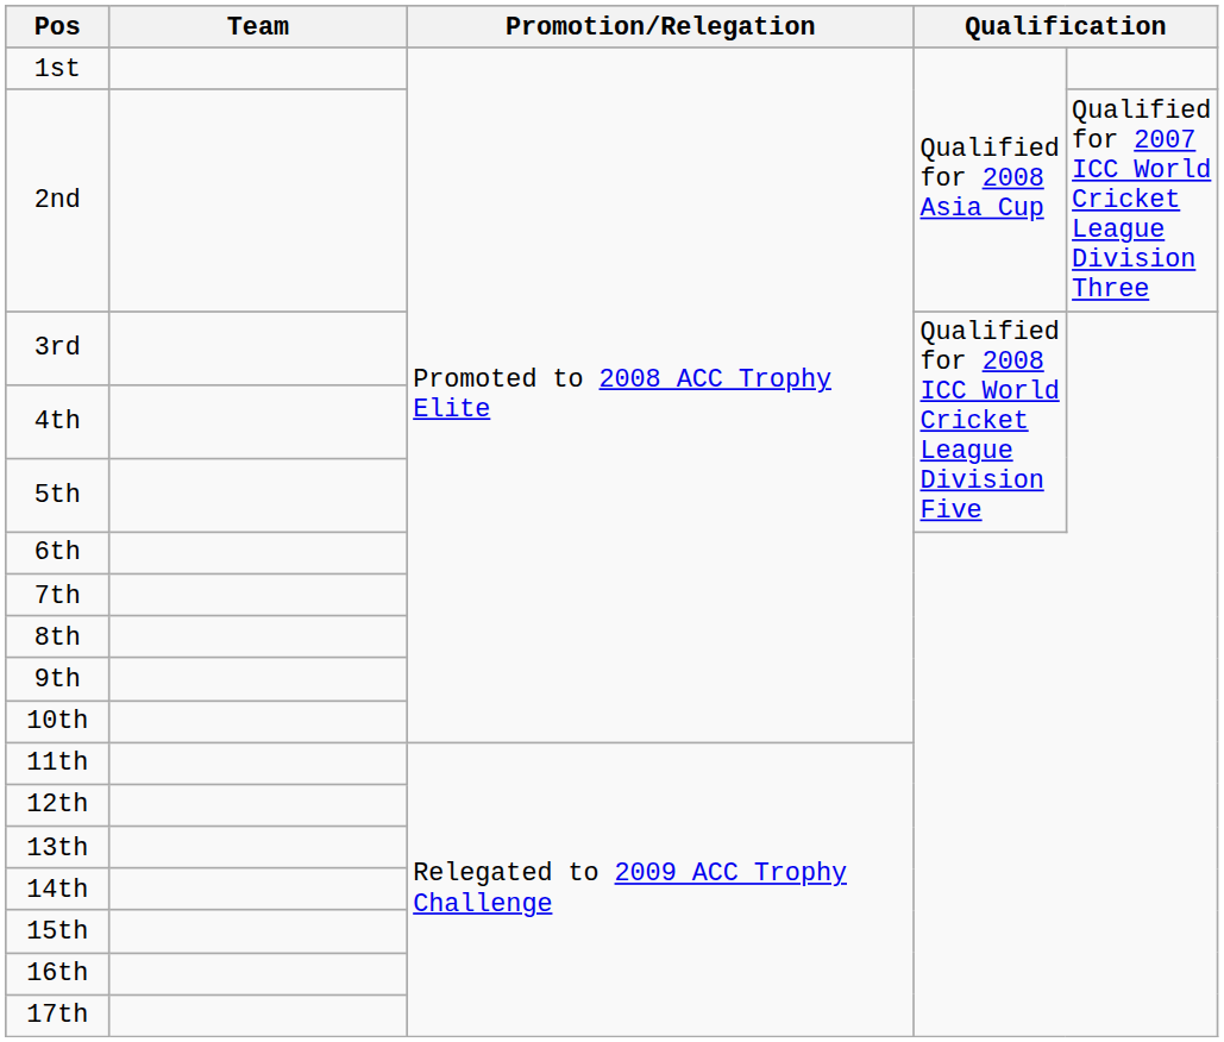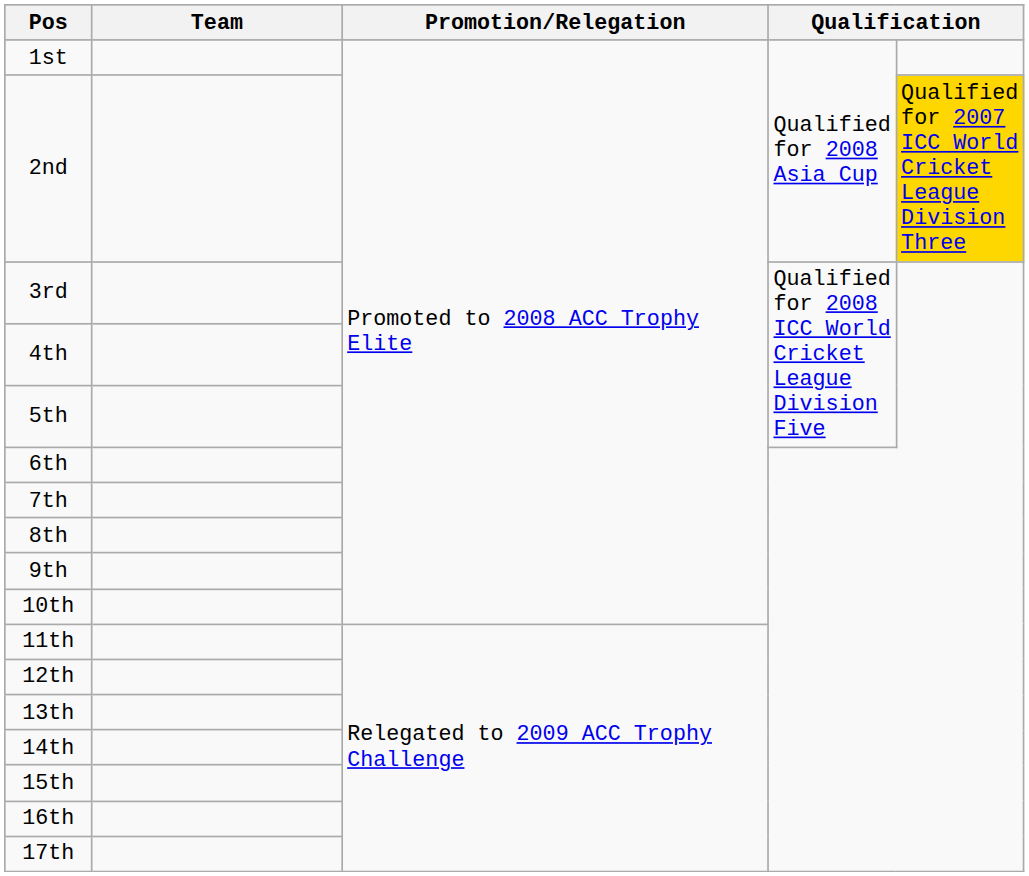 <table class="wikitable">
 <tr>
 <th width=50>Pos</th>
 <th width=175>Team</th>
 <th width=275>Promotion/Relegation</th>
 <th colspan="2">Qualification</th>
 </tr>
 <tr>
 <td align="center">1st</td>
 <td></td>
 <td rowspan=10>Promoted to <a href='#'>2008 ACC Trophy Elite</a></td>
 <td rowspan=2>Qualified for <a href='#'>2008 Asia Cup</a></td>
 <td></td>
 </tr>
 <tr>
 <td align="center">2nd</td>
 <td></td>
-<td>Qualified for <a href='#'>2007 ICC World Cricket League Division Three</a></td>
+<td style="background: gold;">Qualified for <a href='#'>2007 ICC World Cricket League Division Three</a></td>
 </tr>
 <tr>
 <td align="center">3rd</td>
 <td></td>
 <td rowspan=3>Qualified for <a href='#'>2008 ICC World Cricket League Division Five</a></td>
 </tr>
 <tr>
 <td align="center">4th</td>
 <td></td>
 </tr>
 <tr>
 <td align="center">5th</td>
 <td></td>
 </tr>
 <tr>
 <td align="center">6th</td>
 <td></td>
 </tr>
 <tr>
 <td align="center">7th</td>
 <td></td>
 </tr>
 <tr>
 <td align="center">8th</td>
 <td></td>
 </tr>
 <tr>
 <td align="center">9th</td>
 <td></td>
 </tr>
 <tr>
 <td align="center">10th</td>
 <td></td>
 </tr>
 <tr>
 <td align="center">11th</td>
 <td></td>
 <td rowspan=7>Relegated to <a href='#'>2009 ACC Trophy Challenge</a></td>
 </tr>
 <tr>
 <td align="center">12th</td>
 <td></td>
 </tr>
 <tr>
 <td align="center">13th</td>
 <td></td>
 </tr>
 <tr>
 <td align="center">14th</td>
 <td></td>
 </tr>
 <tr>
 <td align="center">15th</td>
 <td></td>
 </tr>
 <tr>
 <td align="center">16th</td>
 <td></td>
 </tr>
 <tr>
 <td align="center">17th</td>
 <td></td>
 </tr>
 </table>
